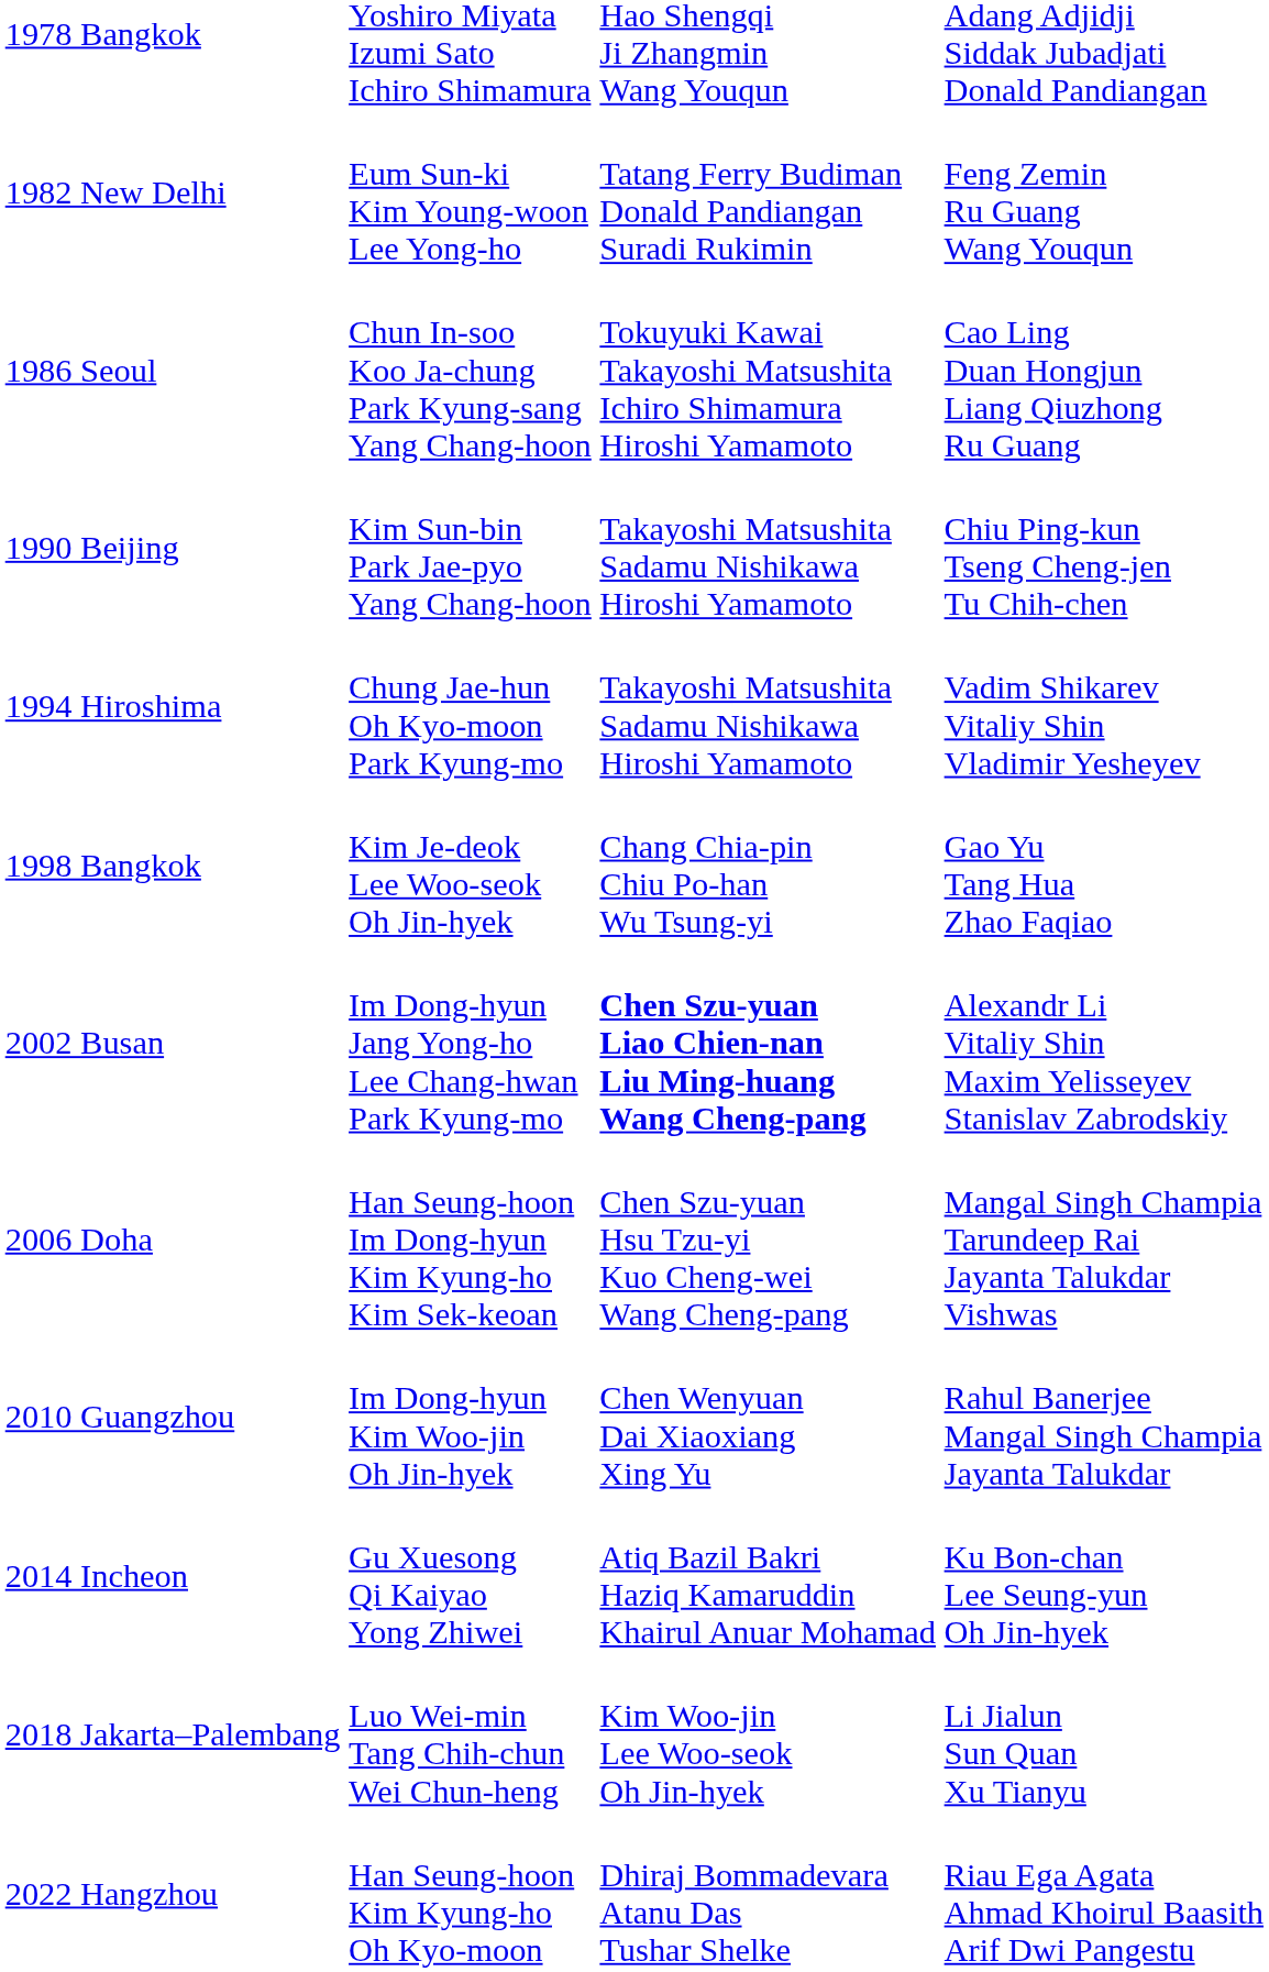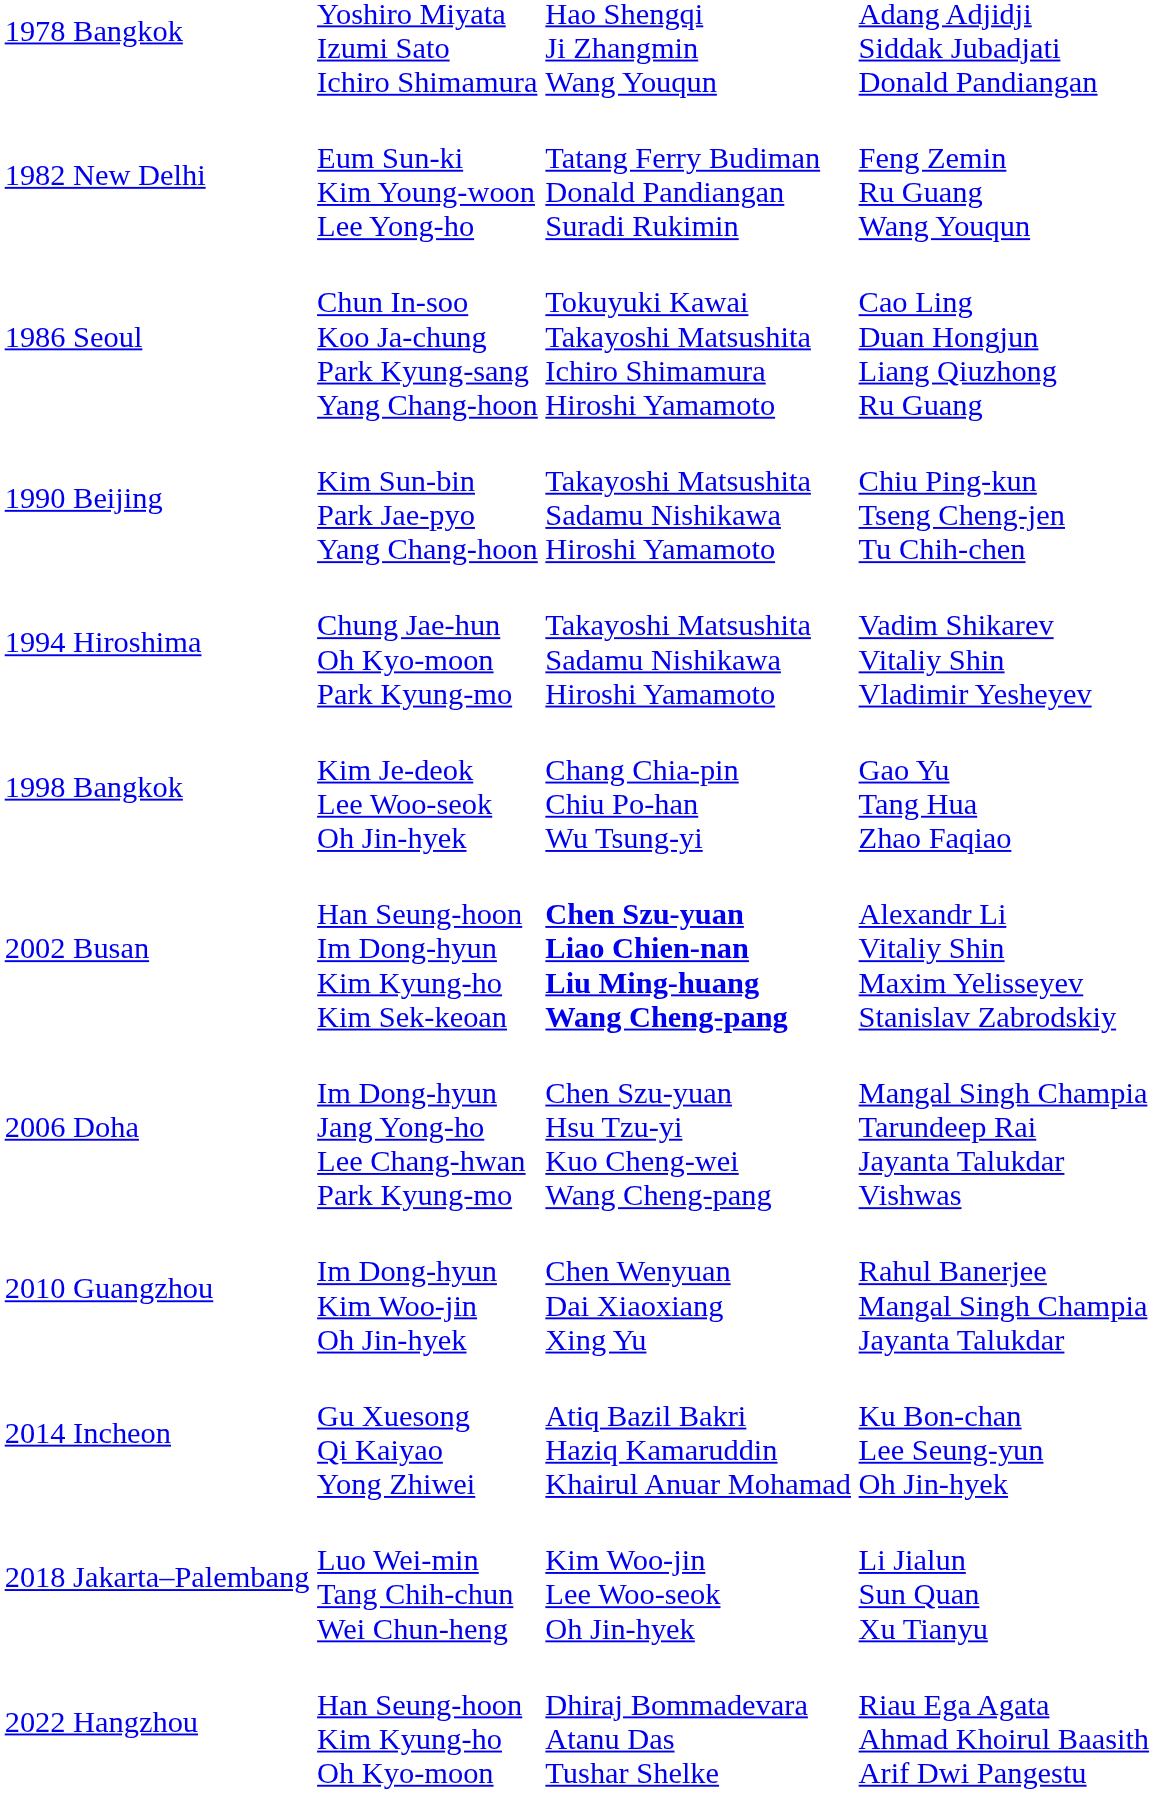 <table>
 <tr>
 <td><a href='#'>1978 Bangkok</a></td>
 <td><br><a href='#'>Yoshiro Miyata</a><br><a href='#'>Izumi Sato</a><br><a href='#'>Ichiro Shimamura</a></td>
 <td><br><a href='#'>Hao Shengqi</a><br><a href='#'>Ji Zhangmin</a><br><a href='#'>Wang Youqun</a></td>
 <td><br><a href='#'>Adang Adjidji</a><br><a href='#'>Siddak Jubadjati</a><br><a href='#'>Donald Pandiangan</a></td>
 </tr>
 <tr>
 <td><a href='#'>1982 New Delhi</a></td>
 <td><br><a href='#'>Eum Sun-ki</a><br><a href='#'>Kim Young-woon</a><br><a href='#'>Lee Yong-ho</a></td>
 <td><br><a href='#'>Tatang Ferry Budiman</a><br><a href='#'>Donald Pandiangan</a><br><a href='#'>Suradi Rukimin</a></td>
 <td><br><a href='#'>Feng Zemin</a><br><a href='#'>Ru Guang</a><br><a href='#'>Wang Youqun</a></td>
 </tr>
 <tr>
 <td><a href='#'>1986 Seoul</a></td>
 <td><br><a href='#'>Chun In-soo</a><br><a href='#'>Koo Ja-chung</a><br><a href='#'>Park Kyung-sang</a><br><a href='#'>Yang Chang-hoon</a></td>
 <td><br><a href='#'>Tokuyuki Kawai</a><br><a href='#'>Takayoshi Matsushita</a><br><a href='#'>Ichiro Shimamura</a><br><a href='#'>Hiroshi Yamamoto</a></td>
 <td><br><a href='#'>Cao Ling</a><br><a href='#'>Duan Hongjun</a><br><a href='#'>Liang Qiuzhong</a><br><a href='#'>Ru Guang</a></td>
 </tr>
 <tr>
 <td><a href='#'>1990 Beijing</a></td>
 <td><br><a href='#'>Kim Sun-bin</a><br><a href='#'>Park Jae-pyo</a><br><a href='#'>Yang Chang-hoon</a></td>
 <td><br><a href='#'>Takayoshi Matsushita</a><br><a href='#'>Sadamu Nishikawa</a><br><a href='#'>Hiroshi Yamamoto</a></td>
 <td><br><a href='#'>Chiu Ping-kun</a><br><a href='#'>Tseng Cheng-jen</a><br><a href='#'>Tu Chih-chen</a></td>
 </tr>
 <tr>
 <td><a href='#'>1994 Hiroshima</a></td>
 <td><br><a href='#'>Chung Jae-hun</a><br><a href='#'>Oh Kyo-moon</a><br><a href='#'>Park Kyung-mo</a></td>
 <td><br><a href='#'>Takayoshi Matsushita</a><br><a href='#'>Sadamu Nishikawa</a><br><a href='#'>Hiroshi Yamamoto</a></td>
 <td><br><a href='#'>Vadim Shikarev</a><br><a href='#'>Vitaliy Shin</a><br><a href='#'>Vladimir Yesheyev</a></td>
 </tr>
 <tr>
 <td><a href='#'>1998 Bangkok</a></td>
 <td><br><a href='#'>Kim Je-deok</a><br><a href='#'>Lee Woo-seok</a><br><a href='#'>Oh Jin-hyek</a></td>
 <td><br><a href='#'>Chang Chia-pin</a><br><a href='#'>Chiu Po-han</a><br><a href='#'>Wu Tsung-yi</a></td>
 <td><br><a href='#'>Gao Yu</a><br><a href='#'>Tang Hua</a><br><a href='#'>Zhao Faqiao</a></td>
 </tr>
 <tr>
 <td><a href='#'>2002 Busan</a></td>
-<td><br><a href='#'>Im Dong-hyun</a><br><a href='#'>Jang Yong-ho</a><br><a href='#'>Lee Chang-hwan</a><br><a href='#'>Park Kyung-mo</a></td>
+<td><br><a href='#'>Han Seung-hoon</a><br><a href='#'>Im Dong-hyun</a><br><a href='#'>Kim Kyung-ho</a><br><a href='#'>Kim Sek-keoan</a></td>
 <td><strong><br><a href='#'>Chen Szu-yuan</a><br><a href='#'>Liao Chien-nan</a><br><a href='#'>Liu Ming-huang</a><br><a href='#'>Wang Cheng-pang</a></strong></td>
 <td><br><a href='#'>Alexandr Li</a><br><a href='#'>Vitaliy Shin</a><br><a href='#'>Maxim Yelisseyev</a><br><a href='#'>Stanislav Zabrodskiy</a></td>
 </tr>
 <tr>
 <td><a href='#'>2006 Doha</a></td>
-<td><br><a href='#'>Han Seung-hoon</a><br><a href='#'>Im Dong-hyun</a><br><a href='#'>Kim Kyung-ho</a><br><a href='#'>Kim Sek-keoan</a></td>
+<td><br><a href='#'>Im Dong-hyun</a><br><a href='#'>Jang Yong-ho</a><br><a href='#'>Lee Chang-hwan</a><br><a href='#'>Park Kyung-mo</a></td>
 <td><br><a href='#'>Chen Szu-yuan</a><br><a href='#'>Hsu Tzu-yi</a><br><a href='#'>Kuo Cheng-wei</a><br><a href='#'>Wang Cheng-pang</a></td>
 <td><br><a href='#'>Mangal Singh Champia</a><br><a href='#'>Tarundeep Rai</a><br><a href='#'>Jayanta Talukdar</a><br><a href='#'>Vishwas</a></td>
 </tr>
 <tr>
 <td><a href='#'>2010 Guangzhou</a></td>
 <td><br><a href='#'>Im Dong-hyun</a><br><a href='#'>Kim Woo-jin</a><br><a href='#'>Oh Jin-hyek</a></td>
 <td><br><a href='#'>Chen Wenyuan</a><br><a href='#'>Dai Xiaoxiang</a><br><a href='#'>Xing Yu</a></td>
 <td><br><a href='#'>Rahul Banerjee</a><br><a href='#'>Mangal Singh Champia</a><br><a href='#'>Jayanta Talukdar</a></td>
 </tr>
 <tr>
 <td><a href='#'>2014 Incheon</a></td>
 <td><br><a href='#'>Gu Xuesong</a><br><a href='#'>Qi Kaiyao</a><br><a href='#'>Yong Zhiwei</a></td>
 <td><br><a href='#'>Atiq Bazil Bakri</a><br><a href='#'>Haziq Kamaruddin</a><br><a href='#'>Khairul Anuar Mohamad</a></td>
 <td><br><a href='#'>Ku Bon-chan</a><br><a href='#'>Lee Seung-yun</a><br><a href='#'>Oh Jin-hyek</a></td>
 </tr>
 <tr>
 <td><a href='#'>2018 Jakarta–Palembang</a></td>
 <td><br><a href='#'>Luo Wei-min</a><br><a href='#'>Tang Chih-chun</a><br><a href='#'>Wei Chun-heng</a></td>
 <td><br><a href='#'>Kim Woo-jin</a><br><a href='#'>Lee Woo-seok</a><br><a href='#'>Oh Jin-hyek</a></td>
 <td><br><a href='#'>Li Jialun</a><br><a href='#'>Sun Quan</a><br><a href='#'>Xu Tianyu</a></td>
 </tr>
 <tr>
 <td><a href='#'>2022 Hangzhou</a></td>
 <td><br><a href='#'>Han Seung-hoon</a><br><a href='#'>Kim Kyung-ho</a><br><a href='#'>Oh Kyo-moon</a></td>
 <td><br><a href='#'>Dhiraj Bommadevara</a><br><a href='#'>Atanu Das</a><br><a href='#'>Tushar Shelke</a></td>
 <td><br><a href='#'>Riau Ega Agata</a><br><a href='#'>Ahmad Khoirul Baasith</a><br><a href='#'>Arif Dwi Pangestu</a></td>
 </tr>
 </table>
